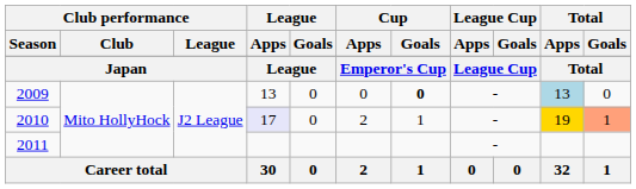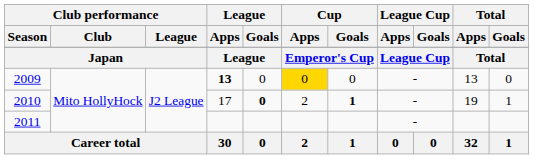 <table class="wikitable" style="text-align:center">
 <tr>
 <th colspan=3>Club performance</th>
 <th colspan=2>League</th>
 <th colspan=2>Cup</th>
 <th colspan=2>League Cup</th>
 <th colspan=2>Total</th>
 </tr>
 <tr>
 <th>Season</th>
 <th>Club</th>
 <th>League</th>
 <th>Apps</th>
 <th>Goals</th>
 <th>Apps</th>
 <th>Goals</th>
 <th>Apps</th>
 <th>Goals</th>
 <th>Apps</th>
 <th>Goals</th>
 </tr>
 <tr>
 </tr>
 <tr>
 <th colspan=3>Japan</th>
 <th colspan=2>League</th>
 <th colspan=2><a href='#'>Emperor's Cup</a></th>
 <th colspan=2><a href='#'>League Cup</a></th>
 <th colspan=2>Total</th>
 </tr>
 <tr>
 <td><a href='#'>2009</a></td>
 <td rowspan="3"><a href='#'>Mito HollyHock</a></td>
 <td rowspan="3"><a href='#'>J2 League</a></td>
+<td><strong>13</strong></td>
+<td>0</td>
+<td style="background: gold;">0</td>
+<td>0</td>
+<td colspan="2">-</td>
 <td>13</td>
-<td>0</td>
-<td>0</td>
-<td><strong>0</strong></td>
-<td colspan="2">-</td>
-<td style="background: lightblue;">13</td>
 <td>0</td>
 </tr>
 <tr>
 <td><a href='#'>2010</a></td>
-<td style="background: lavender;">17</td>
-<td>0</td>
+<td>17</td>
+<td><strong>0</strong></td>
 <td>2</td>
+<td><strong>1</strong></td>
+<td colspan="2">-</td>
+<td>19</td>
 <td>1</td>
-<td colspan="2">-</td>
-<td style="background: gold;">19</td>
-<td style="background: lightsalmon;">1</td>
 </tr>
 <tr>
 <td><a href='#'>2011</a></td>
 <td></td>
 <td></td>
 <td></td>
 <td></td>
 <td colspan="2">-</td>
 <td></td>
 <td></td>
 </tr>
 <tr>
 <th colspan=3>Career total</th>
 <th>30</th>
 <th>0</th>
 <th>2</th>
 <th>1</th>
 <th>0</th>
 <th>0</th>
 <th>32</th>
 <th>1</th>
 </tr>
 </table>
